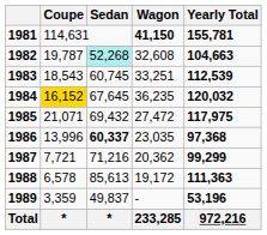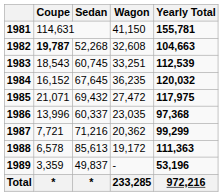 <table class="wikitable">
 <tr>
 <th></th>
 <th>Coupe</th>
 <th>Sedan</th>
 <th>Wagon</th>
 <th>Yearly Total</th>
 </tr>
 <tr>
 <td><strong>1981</strong></td>
 <td colspan="2">114,631</td>
-<td><strong>41,150</strong></td>
+<td>41,150</td>
 <td><strong>155,781</strong></td>
 </tr>
 <tr>
 <td><strong>1982</strong></td>
-<td>19,787</td>
-<td style="background: paleturquoise;">52,268</td>
+<td><strong>19,787</strong></td>
+<td>52,268</td>
 <td>32,608</td>
 <td><strong>104,663</strong></td>
 </tr>
 <tr>
 <td><strong>1983</strong></td>
 <td>18,543</td>
 <td>60,745</td>
 <td>33,251</td>
 <td><strong>112,539</strong></td>
 </tr>
 <tr>
 <td><strong>1984</strong></td>
-<td style="background: gold;">16,152</td>
+<td>16,152</td>
 <td>67,645</td>
 <td>36,235</td>
 <td><strong>120,032</strong></td>
 </tr>
 <tr>
 <td><strong>1985</strong></td>
 <td>21,071</td>
 <td>69,432</td>
 <td>27,472</td>
 <td><strong>117,975</strong></td>
 </tr>
 <tr>
 <td><strong>1986</strong></td>
 <td>13,996</td>
-<td><strong>60,337</strong></td>
+<td>60,337</td>
 <td>23,035</td>
 <td><strong>97,368</strong></td>
 </tr>
 <tr>
 <td><strong>1987</strong></td>
 <td>7,721</td>
 <td>71,216</td>
 <td>20,362</td>
 <td><strong>99,299</strong></td>
 </tr>
 <tr>
 <td><strong>1988</strong></td>
 <td>6,578</td>
 <td>85,613</td>
 <td>19,172</td>
 <td><strong>111,363</strong></td>
 </tr>
 <tr>
 <td><strong>1989</strong></td>
 <td>3,359</td>
 <td>49,837</td>
 <td>-</td>
 <td><strong>53,196</strong></td>
 </tr>
 <tr>
 <th>Total</th>
 <th><strong>*</strong></th>
 <th><strong>*</strong></th>
 <th>233,285</th>
 <th><u>972,216</u></th>
 </tr>
 </table>
